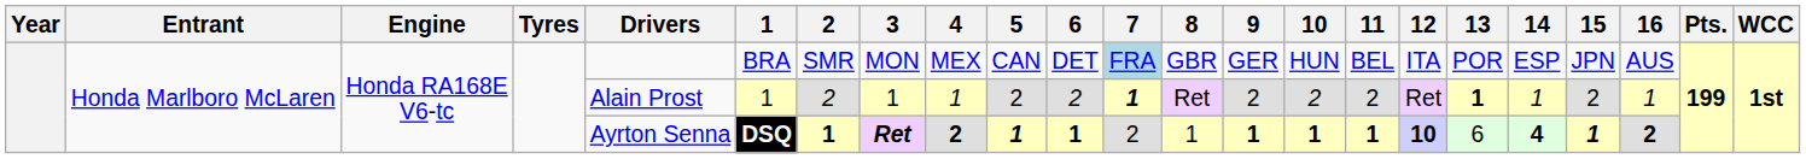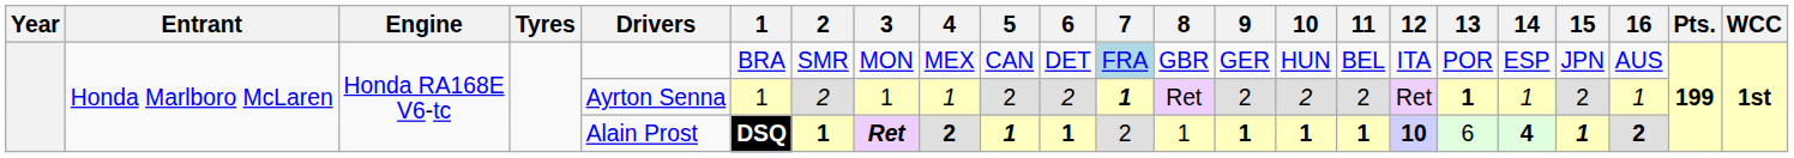 <table class="wikitable" style="text-align:center; font-size:95%">
 <tr>
 <th>Year</th>
 <th>Entrant</th>
 <th>Engine</th>
 <th>Tyres</th>
 <th>Drivers</th>
 <th>1</th>
 <th>2</th>
 <th>3</th>
 <th>4</th>
 <th>5</th>
 <th>6</th>
 <th>7</th>
 <th>8</th>
 <th>9</th>
 <th>10</th>
 <th>11</th>
 <th>12</th>
 <th>13</th>
 <th>14</th>
 <th>15</th>
 <th>16</th>
 <th>Pts.</th>
 <th>WCC</th>
 </tr>
 <tr>
 <th rowspan="3"></th>
 <td rowspan="3"><a href='#'>Honda</a> <a href='#'>Marlboro</a> <a href='#'>McLaren</a></td>
 <td rowspan="3"><a href='#'>Honda RA168E</a><br><a href='#'>V6</a>-<a href='#'>tc</a></td>
 <td rowspan="3"></td>
 <td></td>
 <td><a href='#'>BRA</a></td>
 <td><a href='#'>SMR</a></td>
 <td><a href='#'>MON</a></td>
 <td><a href='#'>MEX</a></td>
 <td><a href='#'>CAN</a></td>
 <td><a href='#'>DET</a></td>
 <td style="background: lightblue;"><a href='#'>FRA</a></td>
 <td><a href='#'>GBR</a></td>
 <td><a href='#'>GER</a></td>
 <td><a href='#'>HUN</a></td>
 <td><a href='#'>BEL</a></td>
 <td><a href='#'>ITA</a></td>
 <td><a href='#'>POR</a></td>
 <td><a href='#'>ESP</a></td>
 <td><a href='#'>JPN</a></td>
 <td><a href='#'>AUS</a></td>
 <td rowspan="3" style="background-color:#ffffbf;"><strong>199</strong></td>
 <td rowspan="3" style="background-color:#ffffbf;"><strong>1st</strong></td>
 </tr>
 <tr>
-<td align="left"><a href='#'>Alain Prost</a></td>
+<td align="left"><a href='#'>Ayrton Senna</a></td>
 <td style="background-color:#ffffbf">1</td>
 <td style="background-color:#dfdfdf"><em>2</em></td>
 <td style="background-color:#ffffbf">1</td>
 <td style="background-color:#ffffbf"><em>1</em></td>
 <td style="background-color:#dfdfdf">2</td>
 <td style="background-color:#dfdfdf"><em>2</em></td>
 <td style="background-color:#ffffbf"><strong><em>1</em></strong></td>
 <td style="background-color:#efcfff">Ret</td>
 <td style="background-color:#dfdfdf">2</td>
 <td style="background-color:#dfdfdf"><em>2</em></td>
 <td style="background-color:#dfdfdf">2</td>
 <td style="background-color:#efcfff">Ret</td>
 <td style="background-color:#ffffbf"><strong>1</strong></td>
 <td style="background-color:#ffffbf"><em>1</em></td>
 <td style="background-color:#dfdfdf">2</td>
 <td style="background-color:#ffffbf"><em>1</em></td>
 </tr>
 <tr>
-<td align="left"><a href='#'>Ayrton Senna</a></td>
+<td align="left"><a href='#'>Alain Prost</a></td>
 <td style="background-color:#000000; color:white;"><strong>DSQ</strong></td>
 <td style="background-color:#ffffbf"><strong>1</strong></td>
 <td style="background-color:#efcfff"><strong><em>Ret</em></strong></td>
 <td style="background-color:#dfdfdf"><strong>2</strong></td>
 <td style="background-color:#ffffbf"><strong><em>1</em></strong></td>
 <td style="background-color:#ffffbf"><strong>1</strong></td>
 <td style="background-color:#dfdfdf">2</td>
 <td style="background-color:#ffffbf">1</td>
 <td style="background-color:#ffffbf"><strong>1</strong></td>
 <td style="background-color:#ffffbf"><strong>1</strong></td>
 <td style="background-color:#ffffbf"><strong>1</strong></td>
 <td style="background-color:#cfcfff"><strong>10</strong></td>
 <td style="background-color:#dfffdf">6</td>
 <td style="background-color:#dfffdf"><strong>4</strong></td>
 <td style="background-color:#ffffbf"><strong><em>1</em></strong></td>
 <td style="background-color:#dfdfdf"><strong>2</strong></td>
 </tr>
 </table>
